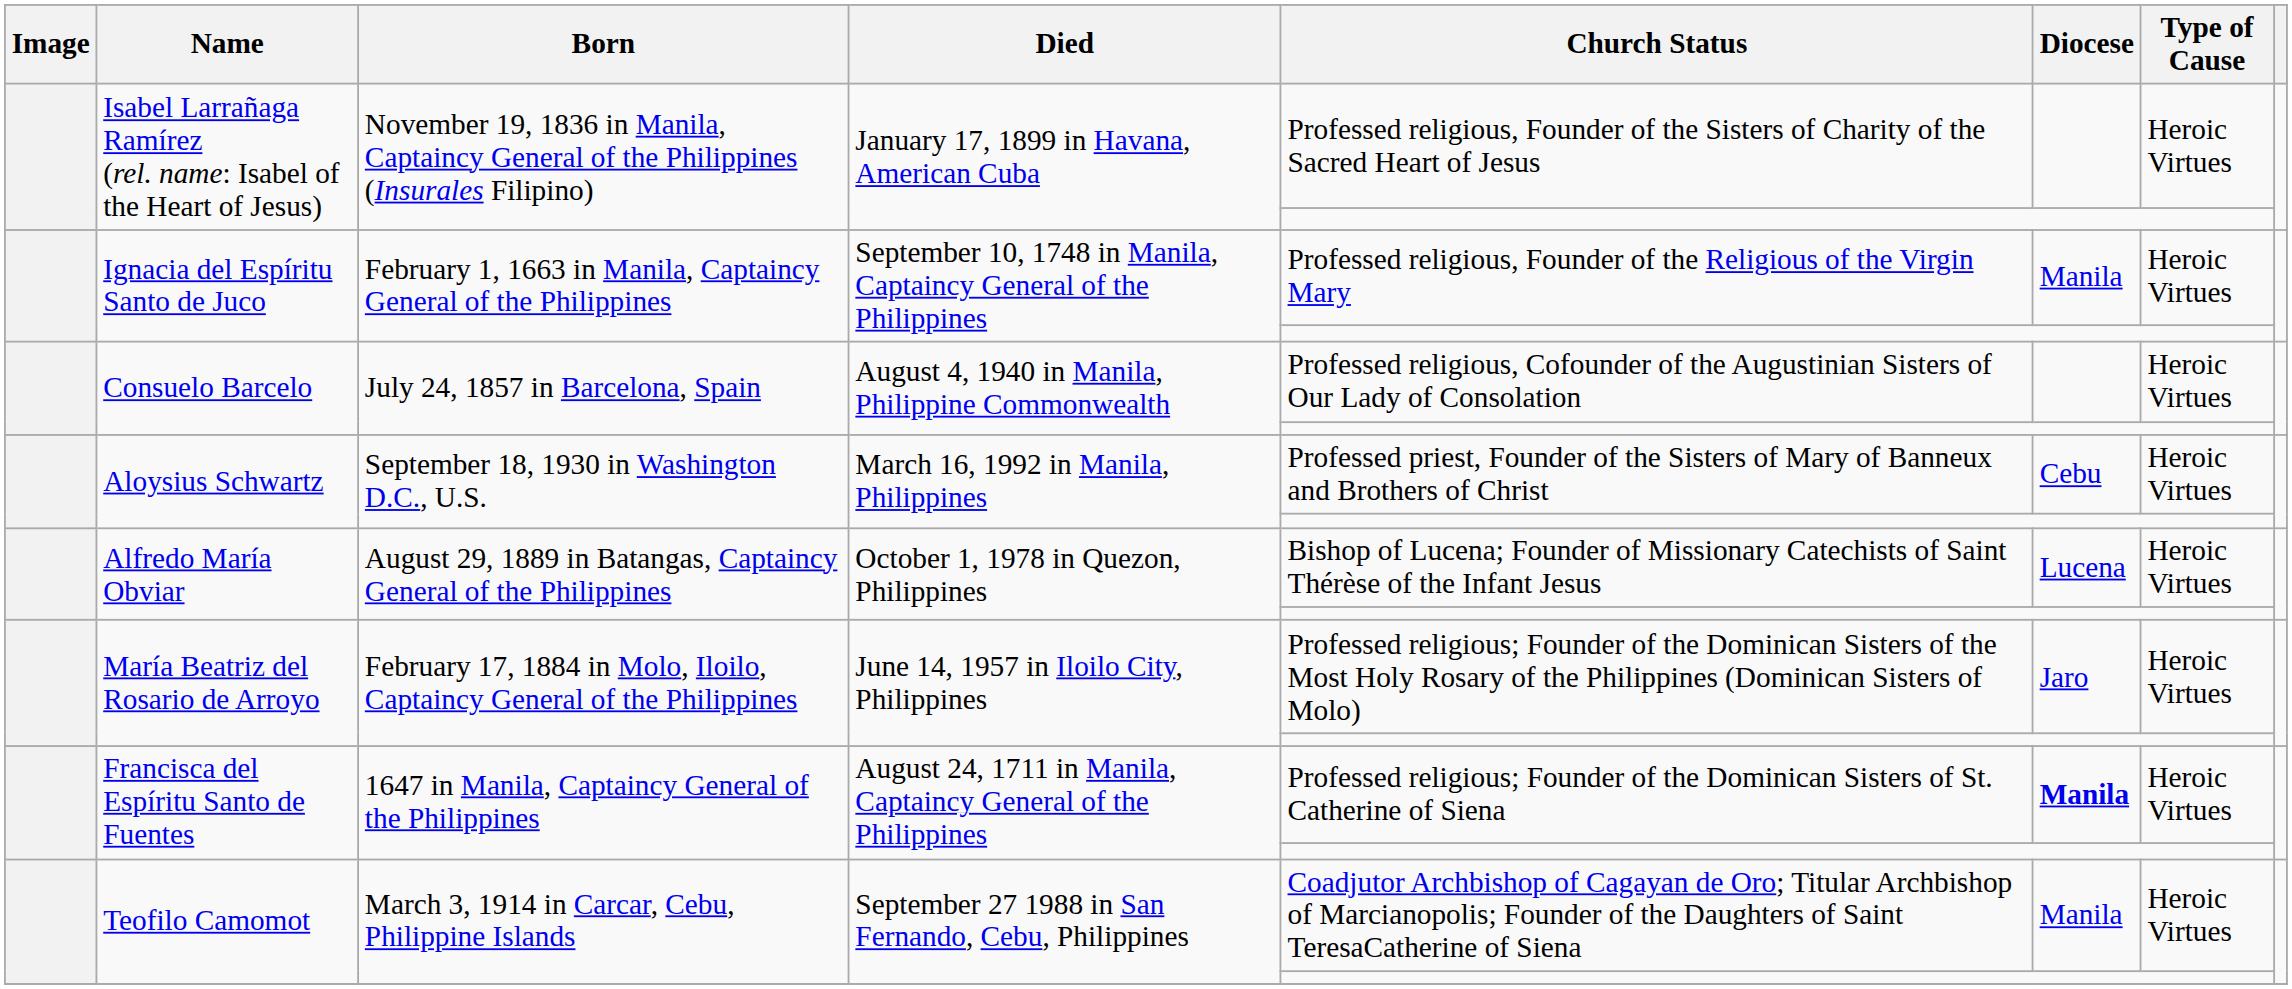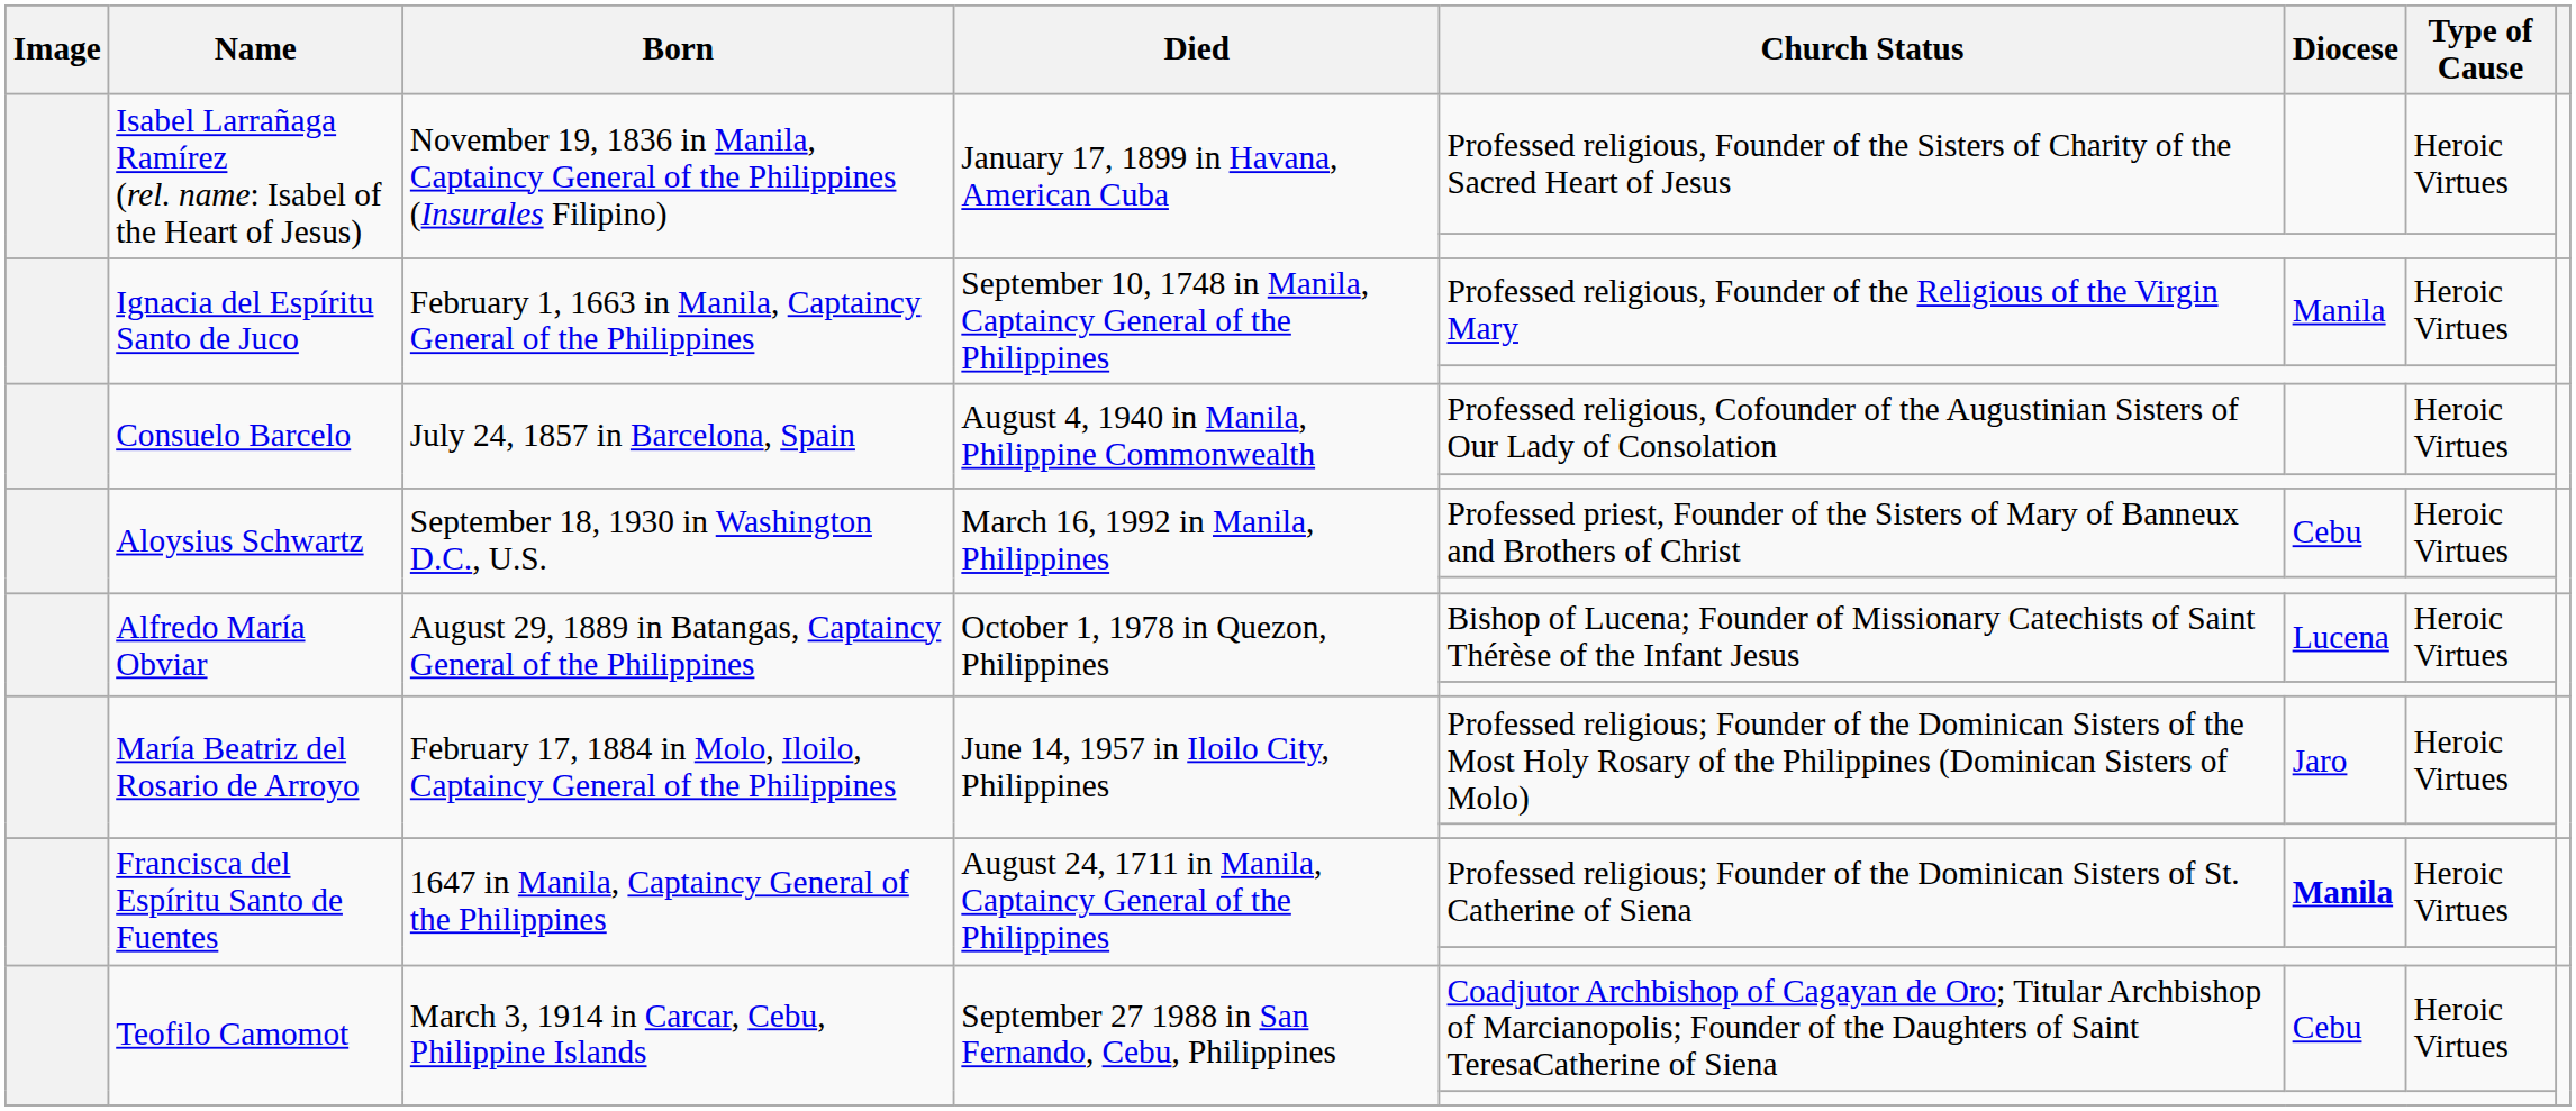 <table class="wikitable">
 <tr>
 <th class="unportable">Image</th>
 <th>Name</th>
 <th>Born</th>
 <th>Died</th>
 <th>Church Status</th>
 <th>Diocese</th>
 <th>Type of Cause</th>
 <th></th>
 </tr>
 <tr>
 <th scope="row" rowspan="2"></th>
 <td rowspan="2"><a href='#'>Isabel Larrañaga Ramírez</a> <br>(<em>rel. name</em>: Isabel of the Heart of Jesus)</td>
 <td rowspan="2">November 19, 1836 in <a href='#'>Manila</a>, <a href='#'>Captaincy General of the Philippines</a> (<em><a href='#'>Insurales</a></em> Filipino)</td>
 <td rowspan="2">January 17, 1899 in <a href='#'>Havana</a>, <a href='#'>American Cuba</a></td>
 <td>Professed religious, Founder of the Sisters of Charity of the Sacred Heart of Jesus</td>
 <td></td>
 <td>Heroic Virtues</td>
 <td rowspan=2></td>
 </tr>
 <tr>
 <td colspan="3"></td>
 </tr>
 <tr>
 <th scope="row" rowspan="2"></th>
 <td rowspan="2"><a href='#'>Ignacia del Espíritu Santo de Juco</a></td>
 <td rowspan="2">February 1, 1663 in <a href='#'>Manila</a>, <a href='#'>Captaincy General of the Philippines</a></td>
 <td rowspan="2">September 10, 1748 in <a href='#'>Manila</a>, <a href='#'>Captaincy General of the Philippines</a></td>
 <td>Professed religious, Founder of the <a href='#'>Religious of the Virgin Mary</a></td>
 <td><a href='#'>Manila</a></td>
 <td>Heroic Virtues</td>
 <td rowspan=2></td>
 </tr>
 <tr>
 <td colspan="3"></td>
 </tr>
 <tr>
 <th scope="row" rowspan="2"></th>
 <td rowspan="2"><a href='#'>Consuelo Barcelo</a></td>
 <td rowspan="2">July 24, 1857 in <a href='#'>Barcelona</a>, <a href='#'>Spain</a></td>
 <td rowspan="2">August 4, 1940 in <a href='#'>Manila</a>, <a href='#'>Philippine Commonwealth</a></td>
 <td>Professed religious, Cofounder of the Augustinian Sisters of Our Lady of Consolation</td>
 <td></td>
 <td>Heroic Virtues</td>
 <td rowspan=2></td>
 </tr>
 <tr>
 <td colspan="3"></td>
 </tr>
 <tr>
 <th scope="row" rowspan="2"></th>
 <td rowspan="2"><a href='#'>Aloysius Schwartz</a></td>
 <td rowspan="2">September 18, 1930 in <a href='#'>Washington D.C.</a>, U.S.</td>
 <td rowspan="2">March 16, 1992 in <a href='#'>Manila</a>, <a href='#'>Philippines</a></td>
 <td>Professed priest, Founder of the Sisters of Mary of Banneux and Brothers of Christ</td>
 <td><a href='#'>Cebu</a></td>
 <td>Heroic Virtues</td>
 <td rowspan=2></td>
 </tr>
 <tr>
 <td colspan="3"></td>
 </tr>
 <tr>
 <th scope="row" rowspan="2"></th>
 <td rowspan="2"><a href='#'>Alfredo María Obviar</a></td>
 <td rowspan="2">August 29, 1889 in Batangas, <a href='#'>Captaincy General of the Philippines</a></td>
 <td rowspan="2">October 1, 1978 in Quezon, Philippines</td>
 <td>Bishop of Lucena; Founder of Missionary Catechists of Saint Thérèse of the Infant Jesus</td>
 <td><a href='#'>Lucena</a></td>
 <td>Heroic Virtues</td>
 <td rowspan=2></td>
 </tr>
 <tr>
 <td colspan="3"></td>
 </tr>
 <tr>
 <th scope="row" rowspan="2"></th>
 <td rowspan="2"><a href='#'>María Beatriz del Rosario de Arroyo</a></td>
 <td rowspan="2">February 17, 1884 in <a href='#'>Molo</a>, <a href='#'>Iloilo</a>, <a href='#'>Captaincy General of the Philippines</a></td>
 <td rowspan="2">June 14, 1957 in <a href='#'>Iloilo City</a>, Philippines</td>
 <td>Professed religious; Founder of the Dominican Sisters of the Most Holy Rosary of the Philippines (Dominican Sisters of Molo)</td>
 <td><a href='#'>Jaro</a></td>
 <td>Heroic Virtues</td>
 <td rowspan=2></td>
 </tr>
 <tr>
 <td colspan="3"></td>
 </tr>
 <tr>
 <th scope="row" rowspan="2"></th>
 <td rowspan="2"><a href='#'>Francisca del Espíritu Santo de Fuentes</a></td>
 <td rowspan="2">1647 in <a href='#'>Manila</a>, <a href='#'>Captaincy General of the Philippines</a></td>
 <td rowspan="2">August 24, 1711 in <a href='#'>Manila</a>, <a href='#'>Captaincy General of the Philippines</a></td>
 <td>Professed religious; Founder of the Dominican Sisters of St. Catherine of Siena</td>
 <td><strong><a href='#'>Manila</a></strong></td>
 <td>Heroic Virtues</td>
 <td rowspan=2></td>
 </tr>
 <tr>
 <td colspan="3"></td>
 </tr>
 <tr>
 <th scope="row" rowspan="2"></th>
 <td rowspan="2"><a href='#'>Teofilo Camomot</a></td>
 <td rowspan="2">March 3, 1914 in <a href='#'>Carcar</a>, <a href='#'>Cebu</a>, <a href='#'>Philippine Islands</a></td>
 <td rowspan="2">September 27 1988 in <a href='#'>San Fernando</a>, <a href='#'>Cebu</a>, Philippines</td>
 <td><a href='#'>Coadjutor Archbishop of Cagayan de Oro</a>; Titular Archbishop of Marcianopolis; Founder of the Daughters of Saint TeresaCatherine of Siena</td>
-<td><a href='#'>Manila</a></td>
+<td><a href='#'>Cebu</a></td>
 <td>Heroic Virtues</td>
 <td rowspan=2></td>
 </tr>
 <tr>
 <td colspan="3"></td>
 </tr>
 <tr>
 </tr>
 </table>
